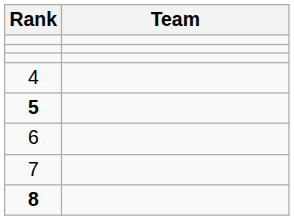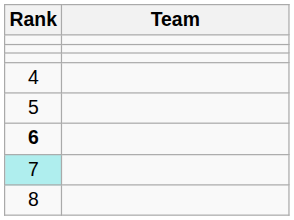 <table class="wikitable" style="text-align: center;">
 <tr>
 <th width=40>Rank</th>
 <th width=180>Team</th>
 </tr>
 <tr>
 <td></td>
 <td style="text-align:left;"></td>
 </tr>
 <tr>
 <td></td>
 <td style="text-align:left;"></td>
 </tr>
 <tr>
 <td></td>
 <td style="text-align:left;"></td>
 </tr>
 <tr>
 <td>4</td>
 <td style="text-align:left;"></td>
 </tr>
 <tr>
-<td><strong>5</strong></td>
+<td>5</td>
 <td style="text-align:left;"></td>
 </tr>
 <tr>
-<td>6</td>
+<td><strong>6</strong></td>
 <td style="text-align:left;"></td>
 </tr>
 <tr>
-<td>7</td>
+<td style="background: paleturquoise;">7</td>
 <td style="text-align:left;"></td>
 </tr>
 <tr>
-<td><strong>8</strong></td>
+<td>8</td>
 <td style="text-align:left;"></td>
 </tr>
 </table>
